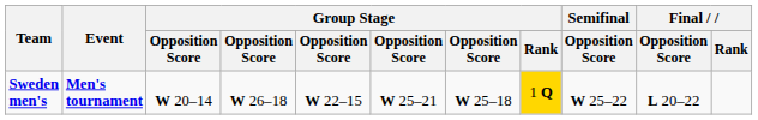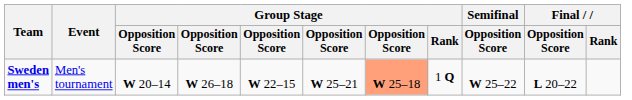 <table class="wikitable" style="font-size:90%">
 <tr>
 <th rowspan=2>Team</th>
 <th rowspan=2>Event</th>
 <th colspan=6>Group Stage</th>
 <th>Semifinal</th>
 <th colspan=2>Final /  / </th>
 </tr>
 <tr style="font-size:95%">
 <th>Opposition<br>Score</th>
 <th>Opposition<br>Score</th>
 <th>Opposition<br>Score</th>
 <th>Opposition<br>Score</th>
 <th>Opposition<br>Score</th>
 <th>Rank</th>
 <th>Opposition<br>Score</th>
 <th>Opposition<br>Score</th>
 <th>Rank</th>
 </tr>
 <tr align=center>
 <td align=left><strong><a href='#'>Sweden men's</a></strong></td>
-<td align=left><strong><a href='#'>Men's tournament</a></strong></td>
+<td align=left><a href='#'>Men's tournament</a></td>
 <td><br><strong>W</strong> 20–14</td>
 <td><br><strong>W</strong> 26–18</td>
 <td><br><strong>W</strong> 22–15</td>
 <td><br><strong>W</strong> 25–21</td>
-<td><br><strong>W</strong> 25–18</td>
-<td style="background: gold;">1 <strong>Q</strong></td>
+<td style="background: lightsalmon;"><br><strong>W</strong> 25–18</td>
+<td>1 <strong>Q</strong></td>
 <td><br><strong>W</strong> 25–22</td>
 <td><br><strong>L</strong> 20–22</td>
 <td></td>
 </tr>
 </table>
